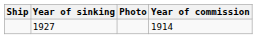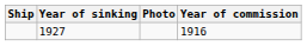 <table class="wikitable">
 <tr>
 <th>Ship</th>
 <th>Year of sinking</th>
 <th>Photo</th>
 <th>Year of commission</th>
 </tr>
 <tr>
 <td></td>
 <td>1927</td>
 <td></td>
-<td>1914</td>
+<td>1916</td>
 </tr>
 </table>
